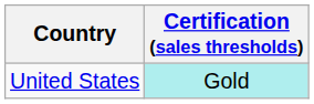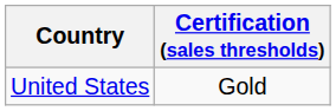 <table class="wikitable">
 <tr>
 <th>Country</th>
 <th><a href='#'>Certification</a><br><small>(<a href='#'>sales thresholds</a>)</small></th>
 </tr>
 <tr>
 <td><a href='#'>United States</a></td>
-<td style="background: paleturquoise; text-align:center;">Gold</td>
+<td style="text-align:center;">Gold</td>
 </tr>
 </table>
